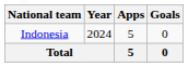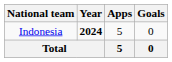 <table class="wikitable" style="text-align:center">
 <tr>
 <th>National team</th>
 <th>Year</th>
 <th>Apps</th>
 <th>Goals</th>
 </tr>
 <tr>
 <td rowspan="1"><a href='#'>Indonesia</a></td>
-<td>2024</td>
+<td><strong>2024</strong></td>
 <td>5</td>
 <td>0</td>
 </tr>
 <tr>
 <th colspan="2">Total</th>
 <th>5</th>
 <th>0</th>
 </tr>
 </table>
